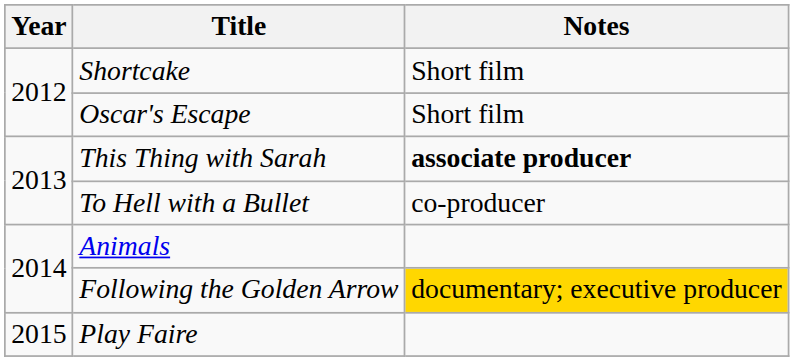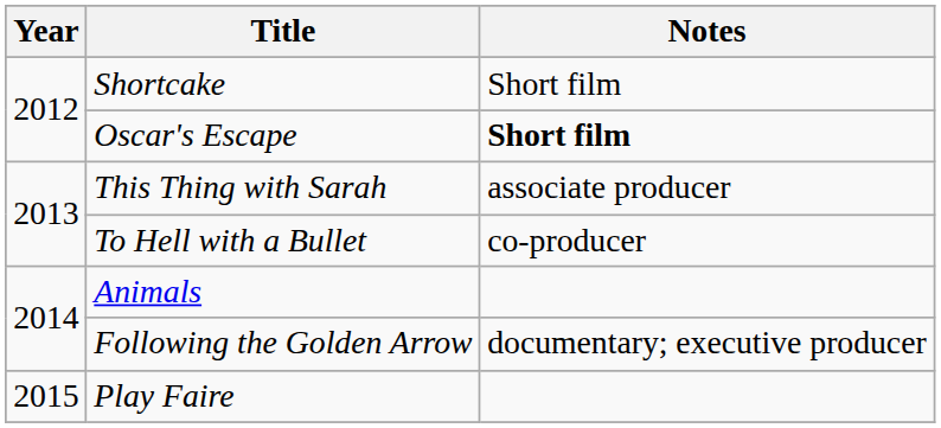 <table class="wikitable">
 <tr>
 <th>Year</th>
 <th>Title</th>
 <th>Notes</th>
 </tr>
 <tr>
 <td rowspan="2">2012</td>
 <td><em>Shortcake</em></td>
 <td>Short film</td>
 </tr>
 <tr>
 <td><em>Oscar's Escape</em></td>
-<td>Short film</td>
+<td><strong>Short film</strong></td>
 </tr>
 <tr>
 <td rowspan="2">2013</td>
 <td><em>This Thing with Sarah</em></td>
-<td><strong>associate producer</strong></td>
+<td>associate producer</td>
 </tr>
 <tr>
 <td><em>To Hell with a Bullet</em></td>
 <td>co-producer</td>
 </tr>
 <tr>
 <td rowspan="2">2014</td>
 <td><em><a href='#'>Animals</a></em></td>
 <td></td>
 </tr>
 <tr>
 <td><em>Following the Golden Arrow</em></td>
-<td style="background: gold;">documentary; executive producer</td>
+<td>documentary; executive producer</td>
 </tr>
 <tr>
 <td>2015</td>
 <td><em>Play Faire</em></td>
 <td></td>
 </tr>
 </table>
